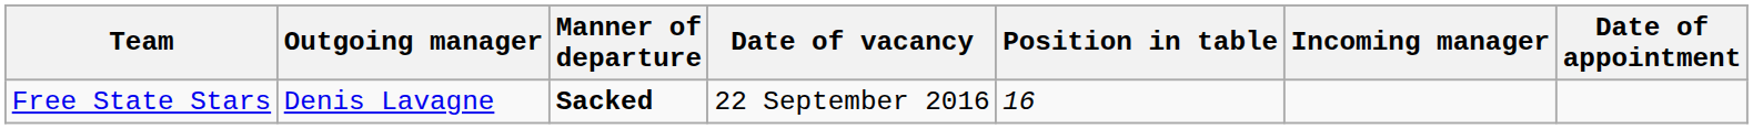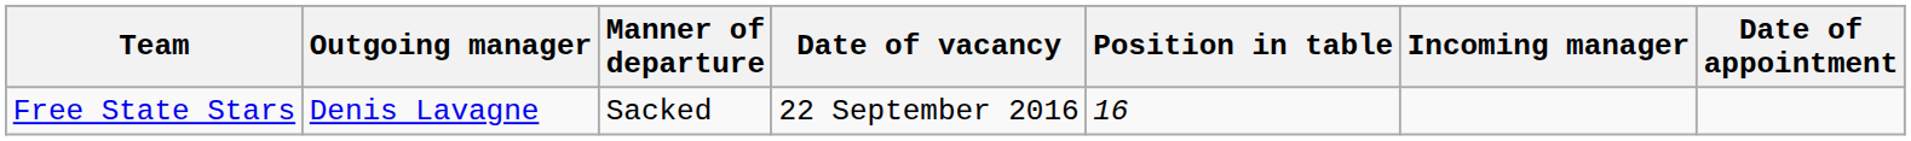 <table class="wikitable sortable">
 <tr>
 <th>Team</th>
 <th>Outgoing manager</th>
 <th>Manner of<br>departure</th>
 <th>Date of vacancy</th>
 <th>Position in table</th>
 <th>Incoming manager</th>
 <th>Date of<br>appointment</th>
 </tr>
 <tr>
 <td><a href='#'>Free State Stars</a></td>
 <td> <a href='#'>Denis Lavagne</a></td>
-<td><strong>Sacked</strong></td>
+<td>Sacked</td>
 <td>22 September 2016</td>
 <td rowspan=7><em>16</em></td>
 <td></td>
 <td></td>
 </tr>
 </table>
